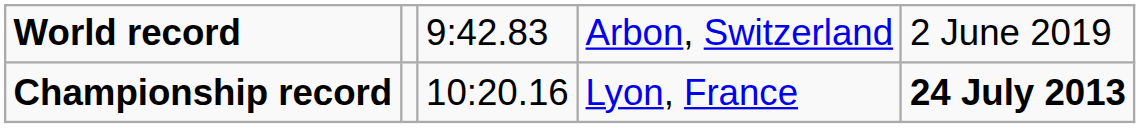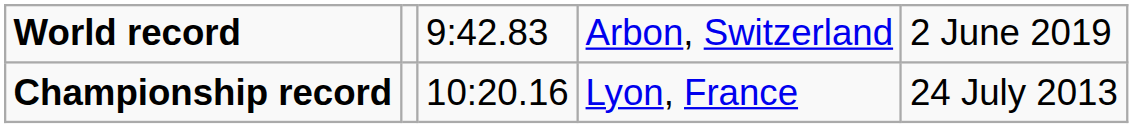 <table class="wikitable">
 <tr>
 <td><strong>World record</strong></td>
 <td></td>
 <td>9:42.83</td>
 <td><a href='#'>Arbon</a>, <a href='#'>Switzerland</a></td>
 <td>2 June 2019</td>
 </tr>
 <tr>
 <td><strong>Championship record</strong></td>
 <td></td>
 <td>10:20.16</td>
 <td><a href='#'>Lyon</a>, <a href='#'>France</a></td>
-<td><strong>24 July 2013</strong></td>
+<td>24 July 2013</td>
 </tr>
 </table>
